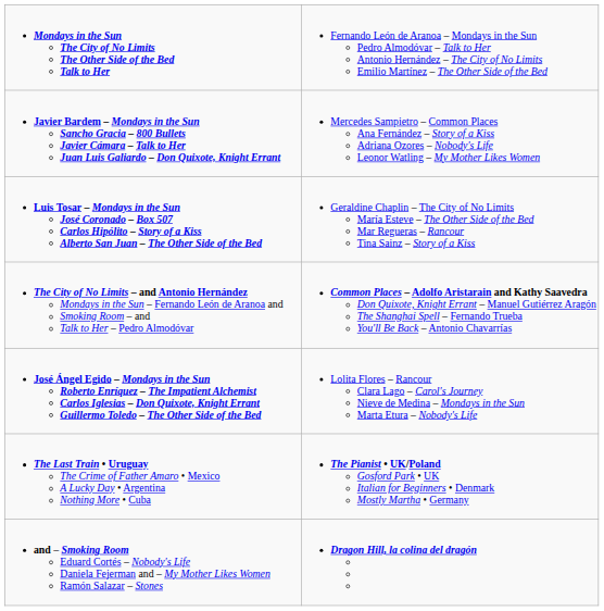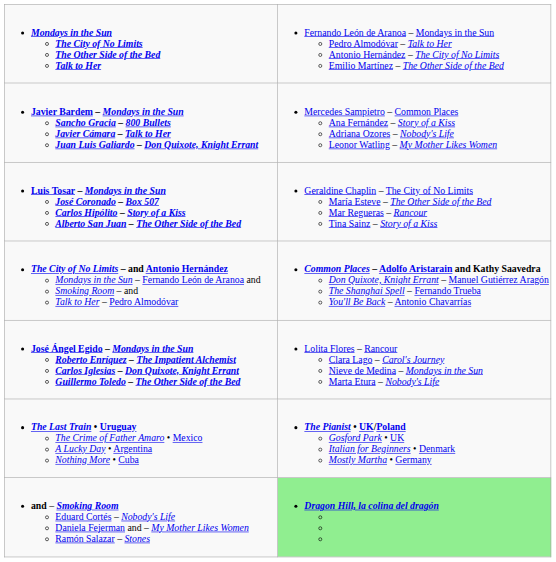 <table class=wikitable style="width=100%">
 <tr>
 <td style="vertical-align:top;" width="50%"><br><ul><li><strong> <em><a href='#'>Mondays in the Sun</a><strong><em><ul><li></em><a href='#'>The City of No Limits</a><em></li><li></em><a href='#'>The Other Side of the Bed</a><em></li><li></em><a href='#'>Talk to Her</a><em></li></ul></li></ul></td>
 <td style="vertical-align:top;" width="50%"><br><ul><li></strong> <a href='#'>Fernando León de Aranoa</a> – </em><a href='#'>Mondays in the Sun</a></em></strong><ul><li><a href='#'>Pedro Almodóvar</a> – <em><a href='#'>Talk to Her</a></em></li><li><a href='#'>Antonio Hernández</a> – <em><a href='#'>The City of No Limits</a></em></li><li><a href='#'>Emilio Martínez</a> – <em><a href='#'>The Other Side of the Bed</a></em></li></ul></li></ul></td>
 </tr>
 <tr>
 <td style="vertical-align:top;" width="50%"><br><ul><li><strong> <a href='#'>Javier Bardem</a> – <em><a href='#'>Mondays in the Sun</a><strong><em><ul><li><a href='#'>Sancho Gracia</a> – </em><a href='#'>800 Bullets</a><em></li><li><a href='#'>Javier Cámara</a> – </em><a href='#'>Talk to Her</a><em></li><li><a href='#'>Juan Luis Galiardo</a> – </em><a href='#'>Don Quixote, Knight Errant</a><em></li></ul></li></ul></td>
 <td style="vertical-align:top;" width="50%"><br><ul><li></strong> <a href='#'>Mercedes Sampietro</a> – </em><a href='#'>Common Places</a></em></strong><ul><li><a href='#'>Ana Fernández</a> – <em><a href='#'>Story of a Kiss</a></em></li><li><a href='#'>Adriana Ozores</a> – <em><a href='#'>Nobody's Life</a></em></li><li><a href='#'>Leonor Watling</a> – <em><a href='#'>My Mother Likes Women</a></em></li></ul></li></ul></td>
 </tr>
 <tr>
 <td style="vertical-align:top;" width="50%"><br><ul><li><strong> <a href='#'>Luis Tosar</a> – <em><a href='#'>Mondays in the Sun</a><strong><em><ul><li><a href='#'>José Coronado</a> – </em><a href='#'>Box 507</a><em></li><li><a href='#'>Carlos Hipólito</a> – </em><a href='#'>Story of a Kiss</a><em></li><li><a href='#'>Alberto San Juan</a> – </em><a href='#'>The Other Side of the Bed</a><em></li></ul></li></ul></td>
 <td style="vertical-align:top;" width="50%"><br><ul><li></strong> <a href='#'>Geraldine Chaplin</a> – </em><a href='#'>The City of No Limits</a></em></strong><ul><li><a href='#'>María Esteve</a> – <em><a href='#'>The Other Side of the Bed</a></em></li><li><a href='#'>Mar Regueras</a> – <em><a href='#'>Rancour</a></em></li><li><a href='#'>Tina Sainz</a> – <em><a href='#'>Story of a Kiss</a></em></li></ul></li></ul></td>
 </tr>
 <tr>
 <td style="vertical-align:top;" width="50%"><br><ul><li><strong> <em><a href='#'>The City of No Limits</a></em> –  and <a href='#'>Antonio Hernández</a></strong><ul><li><em><a href='#'>Mondays in the Sun</a></em> – <a href='#'>Fernando León de Aranoa</a> and </li><li><em><a href='#'>Smoking Room</a></em> –  and </li><li><em><a href='#'>Talk to Her</a></em> – <a href='#'>Pedro Almodóvar</a></li></ul></li></ul></td>
 <td style="vertical-align:top;" width="50%"><br><ul><li><strong> <em><a href='#'>Common Places</a></em> – <a href='#'>Adolfo Aristarain</a> and Kathy Saavedra</strong><ul><li><em><a href='#'>Don Quixote, Knight Errant</a></em> – <a href='#'>Manuel Gutiérrez Aragón</a></li><li><em><a href='#'>The Shanghai Spell</a></em> – <a href='#'>Fernando Trueba</a></li><li><em><a href='#'>You'll Be Back</a></em> – <a href='#'>Antonio Chavarrías</a></li></ul></li></ul></td>
 </tr>
 <tr>
 <td style="vertical-align:top;" width="50%"><br><ul><li><strong><a href='#'>José Ángel Egido</a> – <em><a href='#'>Mondays in the Sun</a><strong><em><ul><li><a href='#'>Roberto Enríquez</a> – </em><a href='#'>The Impatient Alchemist</a><em></li><li><a href='#'>Carlos Iglesias</a> – </em><a href='#'>Don Quixote, Knight Errant</a><em></li><li><a href='#'>Guillermo Toledo</a> – </em><a href='#'>The Other Side of the Bed</a><em></li></ul></li></ul></td>
 <td style="vertical-align:top;" width="50%"><br><ul><li></strong><a href='#'>Lolita Flores</a> – </em><a href='#'>Rancour</a></em></strong><ul><li><a href='#'>Clara Lago</a> – <em><a href='#'>Carol's Journey</a></em></li><li><a href='#'>Nieve de Medina</a> – <em><a href='#'>Mondays in the Sun</a></em></li><li><a href='#'>Marta Etura</a> – <em><a href='#'>Nobody's Life</a></em></li></ul></li></ul></td>
 </tr>
 <tr>
 <td style="vertical-align:top;" width="50%"><br><ul><li><strong> <em><a href='#'>The Last Train</a></em> • <a href='#'>Uruguay</a></strong><ul><li><em><a href='#'>The Crime of Father Amaro</a></em> • <a href='#'>Mexico</a></li><li><em><a href='#'>A Lucky Day</a></em> • <a href='#'>Argentina</a></li><li><em><a href='#'>Nothing More</a></em> • <a href='#'>Cuba</a></li></ul></li></ul></td>
 <td style="vertical-align:top;" width="50%"><br><ul><li><strong> <em><a href='#'>The Pianist</a></em> • <a href='#'>UK</a>/<a href='#'>Poland</a></strong><ul><li><em><a href='#'>Gosford Park</a></em> • <a href='#'>UK</a></li><li><em><a href='#'>Italian for Beginners</a></em> • <a href='#'>Denmark</a></li><li><em><a href='#'>Mostly Martha</a></em> • <a href='#'>Germany</a></li></ul></li></ul></td>
 </tr>
 <tr>
 <td style="vertical-align:top;" width="50%"><br><ul><li><strong> and </strong>  – <strong><em><a href='#'>Smoking Room</a></em></strong><ul><li><a href='#'>Eduard Cortés</a> – <em><a href='#'>Nobody's Life</a></em></li><li><a href='#'>Daniela Fejerman</a> and  – <em><a href='#'>My Mother Likes Women</a></em></li><li><a href='#'>Ramón Salazar</a> – <em><a href='#'>Stones</a></em></li></ul></li></ul></td>
-<td style="vertical-align:top;" width="50%"><br><ul><li><strong> <em><a href='#'>Dragon Hill, la colina del dragón</a><strong><em><ul><li></em><em></li><li></em><em></li><li></em><em></li></ul></li></ul></td>
+<td style="background: lightgreen; vertical-align:top;" width="50%"><br><ul><li><strong> <em><a href='#'>Dragon Hill, la colina del dragón</a><strong><em><ul><li></em><em></li><li></em><em></li><li></em><em></li></ul></li></ul></td>
 </tr>
 </table>
